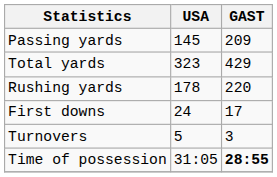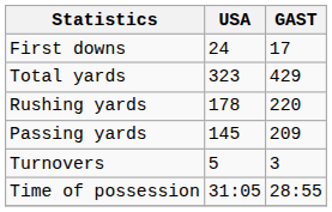 <table class="wikitable">
 <tr>
 <th>Statistics</th>
 <th>USA</th>
 <th>GAST</th>
 </tr>
 <tr>
-<td>Passing yards</td>
-<td>145</td>
-<td>209</td>
+<td>First downs</td>
+<td>24</td>
+<td>17</td>
 </tr>
 <tr>
 <td>Total yards</td>
 <td>323</td>
 <td>429</td>
 </tr>
 <tr>
 <td>Rushing yards</td>
 <td>178</td>
 <td>220</td>
 </tr>
 <tr>
-<td>First downs</td>
-<td>24</td>
-<td>17</td>
+<td>Passing yards</td>
+<td>145</td>
+<td>209</td>
 </tr>
 <tr>
 <td>Turnovers</td>
 <td>5</td>
 <td>3</td>
 </tr>
 <tr>
 <td>Time of possession</td>
 <td>31:05</td>
-<td><strong>28:55</strong></td>
+<td>28:55</td>
 </tr>
 <tr>
 </tr>
 </table>
